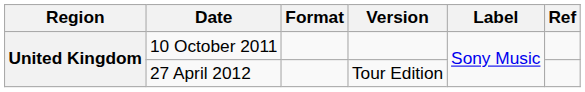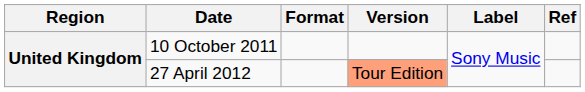 <table class="wikitable plainrowheaders">
 <tr>
 <th scope="col">Region</th>
 <th scope="col">Date</th>
 <th scope="col">Format</th>
 <th scope="col">Version</th>
 <th scope="col">Label</th>
 <th scope="col">Ref</th>
 </tr>
 <tr>
 <th scope="row" rowspan="2">United Kingdom</th>
 <td>10 October 2011</td>
 <td></td>
 <td></td>
 <td rowspan="2"><a href='#'>Sony Music</a></td>
 <td></td>
 </tr>
 <tr>
 <td>27 April 2012</td>
 <td></td>
-<td>Tour Edition</td>
+<td style="background: lightsalmon;">Tour Edition</td>
 <td></td>
 </tr>
 </table>
